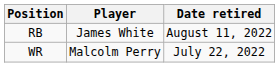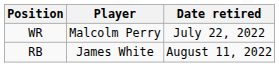 <table class="wikitable" style="text-align:center">
 <tr>
 <th>Position</th>
 <th>Player</th>
 <th>Date retired</th>
 </tr>
 <tr>
+<td Wide receiver>WR</td>
+<td Malcolm Perry (American football)>Malcolm Perry</td>
+<td>July 22, 2022</td>
+</tr>
+<tr>
 <td Running back>RB</td>
 <td James White (running back)>James White</td>
 <td>August 11, 2022</td>
 </tr>
-<tr>
-<td Wide receiver>WR</td>
-<td Malcolm Perry (American football)>Malcolm Perry</td>
-<td>July 22, 2022</td>
-</tr>
 </table>
